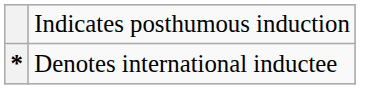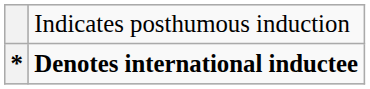 <table class="wikitable plainrowheaders">
 <tr>
 <th scope="row" style="text-align:center"></th>
 <td>Indicates posthumous induction</td>
 </tr>
 <tr>
 <th scope="row" style="text-align:center">*</th>
-<td>Denotes international inductee</td>
+<td><strong>Denotes international inductee</strong></td>
 </tr>
 </table>
